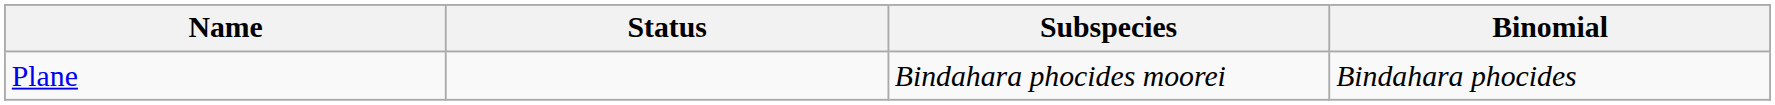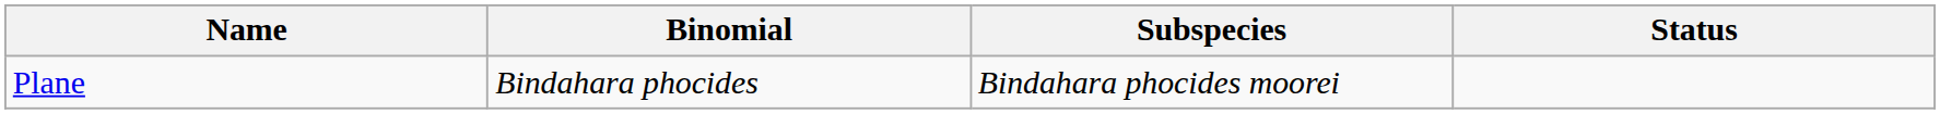 <table width=60% class="wikitable">
 <tr>
 <th width=20%>Name</th>
+<th width=20%>Binomial</th>
+<th width=20%>Subspecies</th>
 <th width=20%>Status</th>
-<th width=20%>Subspecies</th>
-<th width=20%>Binomial</th>
 </tr>
 <tr>
 <td><a href='#'>Plane</a><br> </td>
+<td><em>Bindahara phocides</em></td>
+<td><em>Bindahara phocides moorei</em></td>
 <td></td>
-<td><em>Bindahara phocides moorei</em></td>
-<td><em>Bindahara phocides</em></td>
 </tr>
 </table>
